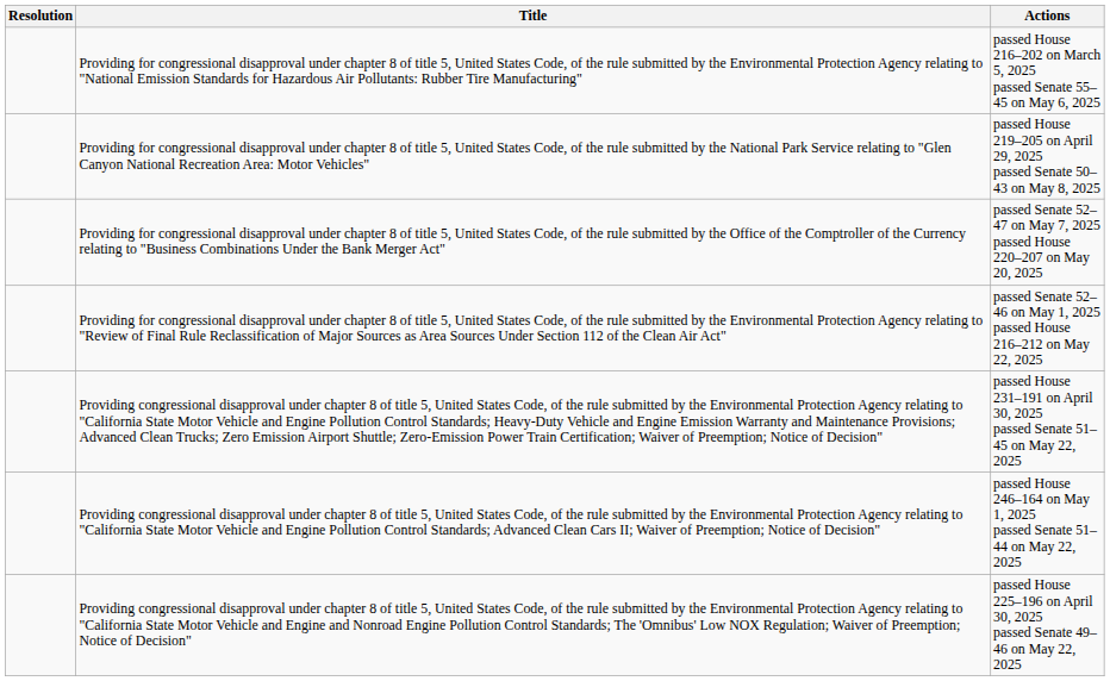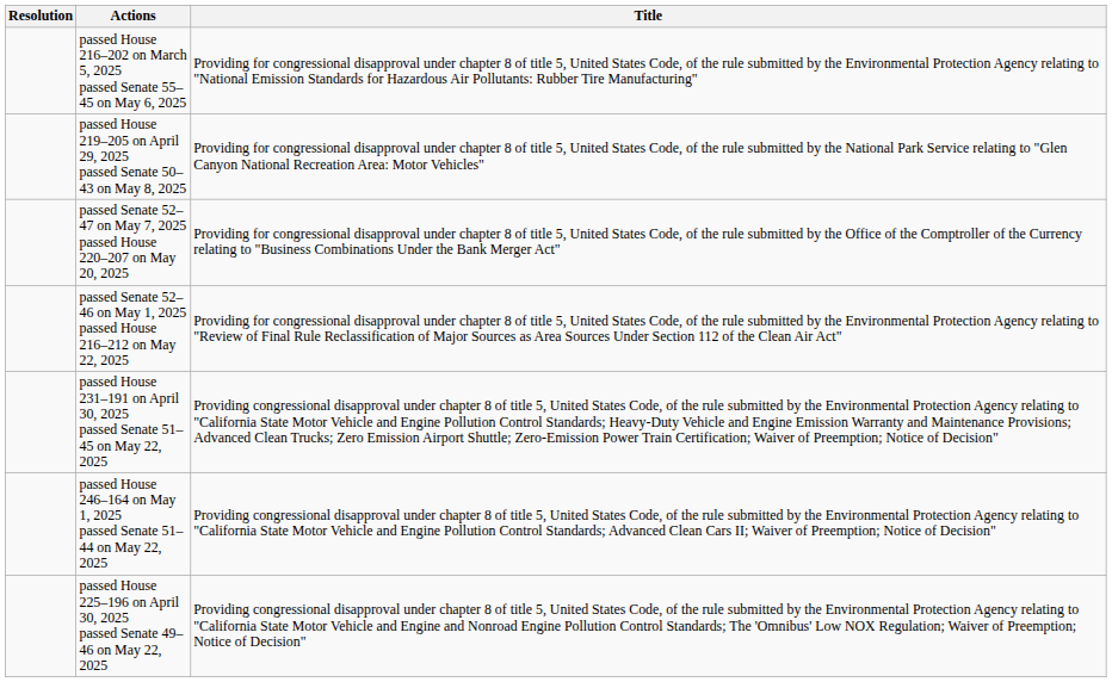 <table class="wikitable sortable">
 <tr>
 <th>Resolution</th>
+<th>Actions</th>
 <th>Title</th>
-<th>Actions</th>
 </tr>
 <tr>
 <td></td>
+<td>passed House 216–202 on March 5, 2025<br>passed Senate 55–45 on May 6, 2025</td>
 <td>Providing for congressional disapproval under chapter 8 of title 5, United States Code, of the rule submitted by the Environmental Protection Agency relating to "National Emission Standards for Hazardous Air Pollutants: Rubber Tire Manufacturing"</td>
-<td>passed House 216–202 on March 5, 2025<br>passed Senate 55–45 on May 6, 2025</td>
 </tr>
 <tr>
 <td></td>
+<td>passed House 219–205 on April 29, 2025<br>passed Senate 50–43 on May 8, 2025</td>
 <td>Providing for congressional disapproval under chapter 8 of title 5, United States Code, of the rule submitted by the National Park Service relating to "Glen Canyon National Recreation Area: Motor Vehicles"</td>
-<td>passed House 219–205 on April 29, 2025<br>passed Senate 50–43 on May 8, 2025</td>
 </tr>
 <tr>
 <td></td>
+<td>passed Senate 52–47 on May 7, 2025<br>passed House 220–207 on May 20, 2025</td>
 <td>Providing for congressional disapproval under chapter 8 of title 5, United States Code, of the rule submitted by the Office of the Comptroller of the Currency relating to "Business Combinations Under the Bank Merger Act"</td>
-<td>passed Senate 52–47 on May 7, 2025<br>passed House 220–207 on May 20, 2025</td>
 </tr>
 <tr>
 <td></td>
+<td>passed Senate 52–46 on May 1, 2025<br>passed House 216–212 on May 22, 2025</td>
 <td>Providing for congressional disapproval under chapter 8 of title 5, United States Code, of the rule submitted by the Environmental Protection Agency relating to "Review of Final Rule Reclassification of Major Sources as Area Sources Under Section 112 of the Clean Air Act"</td>
-<td>passed Senate 52–46 on May 1, 2025<br>passed House 216–212 on May 22, 2025</td>
 </tr>
 <tr>
 <td></td>
+<td>passed House 231–191 on April 30, 2025<br>passed Senate 51–45 on May 22, 2025</td>
 <td>Providing congressional disapproval under chapter 8 of title 5, United States Code, of the rule submitted by the Environmental Protection Agency relating to "California State Motor Vehicle and Engine Pollution Control Standards; Heavy-Duty Vehicle and Engine Emission Warranty and Maintenance Provisions; Advanced Clean Trucks; Zero Emission Airport Shuttle; Zero-Emission Power Train Certification; Waiver of Preemption; Notice of Decision"</td>
-<td>passed House 231–191 on April 30, 2025<br>passed Senate 51–45 on May 22, 2025</td>
 </tr>
 <tr>
 <td></td>
+<td>passed House 246–164 on May 1, 2025<br>passed Senate 51–44 on May 22, 2025</td>
 <td>Providing congressional disapproval under chapter 8 of title 5, United States Code, of the rule submitted by the Environmental Protection Agency relating to "California State Motor Vehicle and Engine Pollution Control Standards; Advanced Clean Cars II; Waiver of Preemption; Notice of Decision"</td>
-<td>passed House 246–164 on May 1, 2025<br>passed Senate 51–44 on May 22, 2025</td>
 </tr>
 <tr>
 <td></td>
+<td>passed House 225–196 on April 30, 2025<br>passed Senate 49–46 on May 22, 2025</td>
 <td>Providing congressional disapproval under chapter 8 of title 5, United States Code, of the rule submitted by the Environmental Protection Agency relating to "California State Motor Vehicle and Engine and Nonroad Engine Pollution Control Standards; The 'Omnibus' Low NOX Regulation; Waiver of Preemption; Notice of Decision"</td>
-<td>passed House 225–196 on April 30, 2025<br>passed Senate 49–46 on May 22, 2025</td>
 </tr>
 </table>
